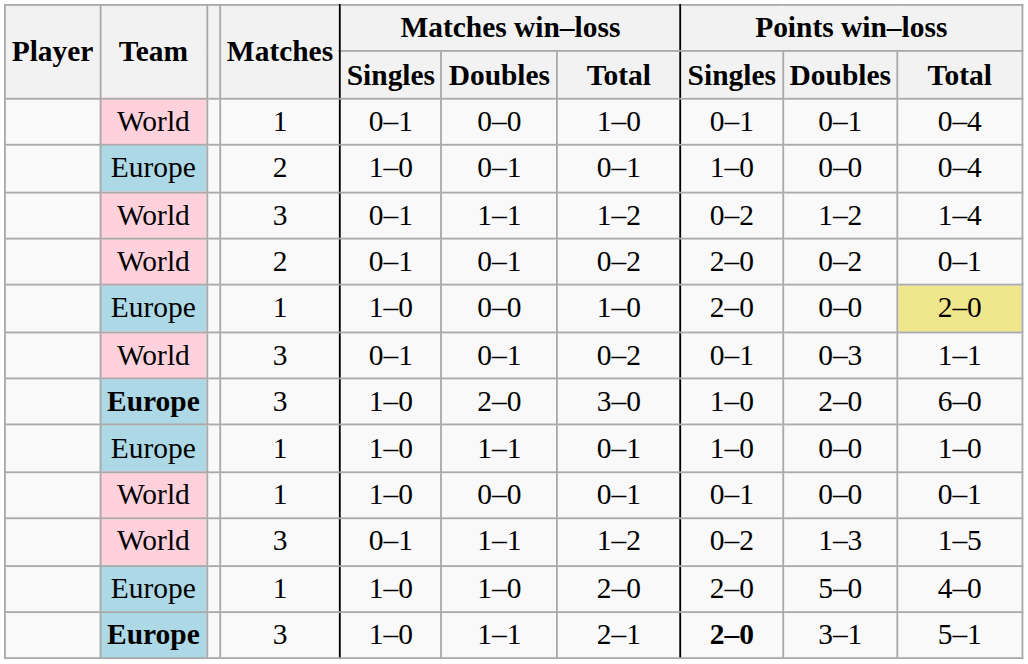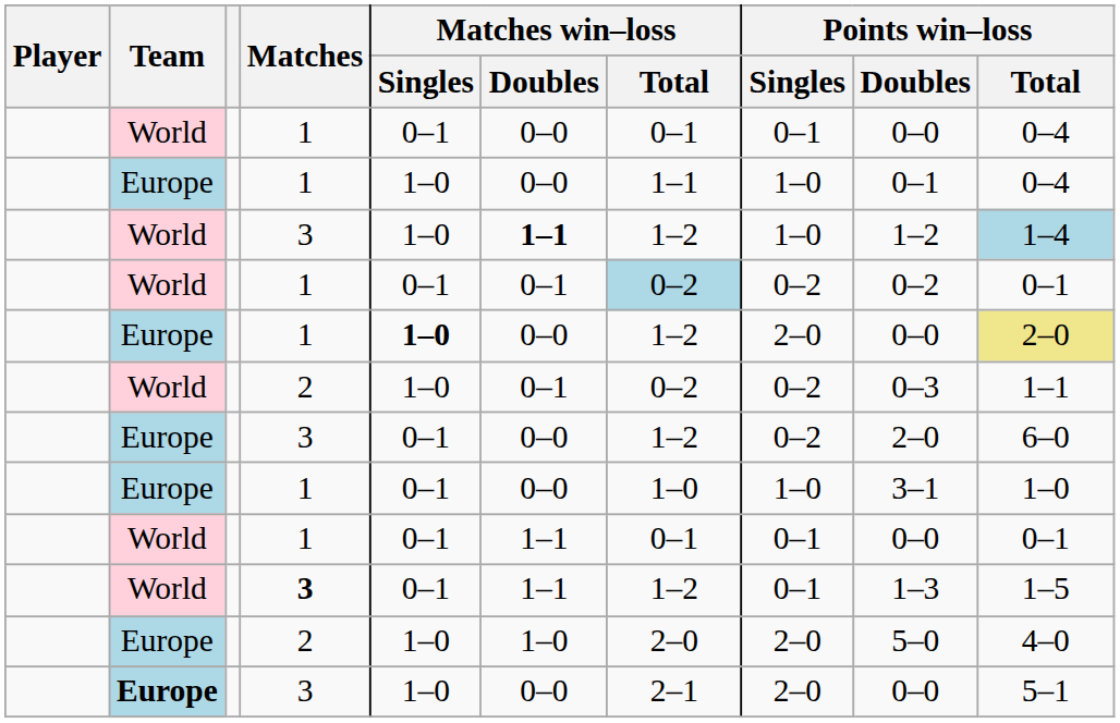 <table class="wikitable mw-datatable sortable nowrap" style="text-align:center">
 <tr>
 <th rowspan="2">Player</th>
 <th rowspan="2" width="40">Team</th>
 <th rowspan=2></th>
 <th rowspan=2 style="border-right: 1pt black solid">Matches</th>
 <th class="unsortable" colspan=3 style="border-right: 1pt black solid">Matches win–loss</th>
 <th class="unsortable" colspan=3>Points win–loss</th>
 </tr>
 <tr>
 <th>Singles</th>
 <th>Doubles</th>
 <th width=60 style="border-right: 1pt black solid">Total</th>
 <th>Singles</th>
 <th>Doubles</th>
 <th width=60>Total</th>
 </tr>
 <tr>
 <td align="left"></td>
 <td bgcolor="ffd1dc">World</td>
 <td align=center></td>
 <td style="border-right: 1pt black solid">1</td>
 <td>0–1</td>
 <td>0–0</td>
-<td style="border-right: 1pt black solid">1–0</td>
+<td style="border-right: 1pt black solid">0–1</td>
 <td>0–1</td>
-<td>0–1</td>
+<td>0–0</td>
 <td>0–4</td>
 </tr>
 <tr>
 <td align="left"></td>
 <td bgcolor="lightblue">Europe</td>
 <td align=center></td>
-<td style="border-right: 1pt black solid">2</td>
+<td style="border-right: 1pt black solid">1</td>
+<td>1–0</td>
+<td>0–0</td>
+<td style="border-right: 1pt black solid">1–1</td>
 <td>1–0</td>
 <td>0–1</td>
-<td style="border-right: 1pt black solid">0–1</td>
-<td>1–0</td>
-<td>0–0</td>
 <td>0–4</td>
 </tr>
 <tr>
 <td align="left"></td>
 <td bgcolor="ffd1dc">World</td>
 <td align=center></td>
 <td style="border-right: 1pt black solid">3</td>
-<td>0–1</td>
-<td>1–1</td>
+<td>1–0</td>
+<td><strong>1–1</strong></td>
 <td style="border-right: 1pt black solid">1–2</td>
-<td>0–2</td>
+<td>1–0</td>
 <td>1–2</td>
-<td>1–4</td>
+<td style="background: lightblue;">1–4</td>
 </tr>
 <tr>
 <td align="left"></td>
 <td bgcolor="ffd1dc">World</td>
 <td align=center></td>
-<td style="border-right: 1pt black solid">2</td>
+<td style="border-right: 1pt black solid">1</td>
 <td>0–1</td>
 <td>0–1</td>
-<td style="border-right: 1pt black solid">0–2</td>
-<td>2–0</td>
+<td style="background: lightblue; border-right: 1pt black solid">0–2</td>
+<td>0–2</td>
 <td>0–2</td>
 <td>0–1</td>
 </tr>
 <tr>
 <td align="left"></td>
 <td bgcolor="lightblue">Europe</td>
 <td align=center></td>
 <td style="border-right: 1pt black solid">1</td>
-<td>1–0</td>
+<td><strong>1–0</strong></td>
 <td>0–0</td>
-<td style="border-right: 1pt black solid">1–0</td>
+<td style="border-right: 1pt black solid">1–2</td>
 <td>2–0</td>
 <td>0–0</td>
 <td style="background: khaki;">2–0</td>
 </tr>
 <tr>
 <td align="left"></td>
 <td bgcolor="FFD1DC">World</td>
 <td align=center></td>
-<td style="border-right: 1pt black solid">3</td>
-<td>0–1</td>
+<td style="border-right: 1pt black solid">2</td>
+<td>1–0</td>
 <td>0–1</td>
 <td style="border-right: 1pt black solid">0–2</td>
-<td>0–1</td>
+<td>0–2</td>
 <td>0–3</td>
 <td>1–1</td>
 </tr>
 <tr>
 <td align="left"></td>
-<td bgcolor="lightblue"><strong>Europe</strong></td>
+<td bgcolor="lightblue">Europe</td>
 <td align=center></td>
 <td style="border-right: 1pt black solid">3</td>
-<td>1–0</td>
-<td>2–0</td>
-<td style="border-right: 1pt black solid">3–0</td>
-<td>1–0</td>
+<td>0–1</td>
+<td>0–0</td>
+<td style="border-right: 1pt black solid">1–2</td>
+<td>0–2</td>
 <td>2–0</td>
 <td>6–0</td>
 </tr>
 <tr>
 <td align="left"></td>
 <td bgcolor="lightblue">Europe</td>
 <td align=center></td>
 <td style="border-right: 1pt black solid">1</td>
+<td>0–1</td>
+<td>0–0</td>
+<td style="border-right: 1pt black solid">1–0</td>
 <td>1–0</td>
-<td>1–1</td>
-<td style="border-right: 1pt black solid">0–1</td>
-<td>1–0</td>
-<td>0–0</td>
+<td>3–1</td>
 <td>1–0</td>
 </tr>
 <tr>
 <td align="left"></td>
 <td bgcolor="FFD1DC">World</td>
 <td align=center></td>
 <td style="border-right: 1pt black solid">1</td>
-<td>1–0</td>
-<td>0–0</td>
+<td>0–1</td>
+<td>1–1</td>
 <td style="border-right: 1pt black solid">0–1</td>
 <td>0–1</td>
 <td>0–0</td>
 <td>0–1</td>
 </tr>
 <tr>
 <td align="left"></td>
 <td bgcolor="ffd1dc">World</td>
 <td align=center></td>
-<td style="border-right: 1pt black solid">3</td>
+<td style="border-right: 1pt black solid"><strong>3</strong></td>
 <td>0–1</td>
 <td>1–1</td>
 <td style="border-right: 1pt black solid">1–2</td>
-<td>0–2</td>
+<td>0–1</td>
 <td>1–3</td>
 <td>1–5</td>
 </tr>
 <tr>
 <td align="left"></td>
 <td bgcolor="lightblue">Europe</td>
 <td align=center></td>
-<td style="border-right: 1pt black solid">1</td>
+<td style="border-right: 1pt black solid">2</td>
 <td>1–0</td>
 <td>1–0</td>
 <td style="border-right: 1pt black solid">2–0</td>
 <td>2–0</td>
 <td>5–0</td>
 <td>4–0</td>
 </tr>
 <tr>
 <td align="left"></td>
 <td bgcolor="lightblue"><strong>Europe</strong></td>
 <td align=center></td>
 <td style="border-right: 1pt black solid">3</td>
 <td>1–0</td>
-<td>1–1</td>
+<td>0–0</td>
 <td style="border-right: 1pt black solid">2–1</td>
-<td><strong>2–0</strong></td>
-<td>3–1</td>
+<td>2–0</td>
+<td>0–0</td>
 <td>5–1</td>
 </tr>
 </table>
